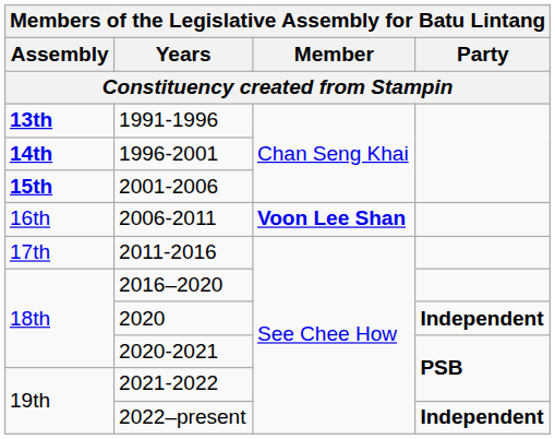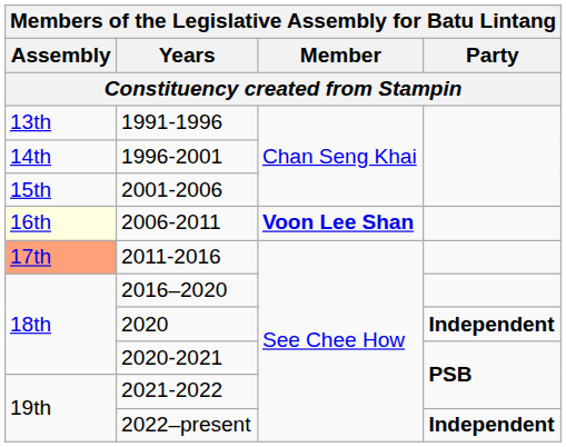 <table class=wikitable>
 <tr>
 <th colspan="4">Members of the Legislative Assembly for Batu Lintang</th>
 </tr>
 <tr>
 <th>Assembly</th>
 <th>Years</th>
 <th>Member</th>
 <th>Party</th>
 </tr>
 <tr>
 <th colspan=4 align=center><em>Constituency created from Stampin</em></th>
 </tr>
 <tr>
-<td><strong><a href='#'>13th</a></strong></td>
+<td><a href='#'>13th</a></td>
 <td>1991-1996</td>
 <td rowspan=3><a href='#'>Chan Seng Khai</a></td>
 <td rowspan=3></td>
 </tr>
 <tr>
-<td><strong><a href='#'>14th</a></strong></td>
+<td><a href='#'>14th</a></td>
 <td>1996-2001</td>
 </tr>
 <tr>
-<td><strong><a href='#'>15th</a></strong></td>
+<td><a href='#'>15th</a></td>
 <td>2001-2006</td>
 </tr>
 <tr>
-<td><a href='#'>16th</a></td>
+<td style="background: lightyellow;"><a href='#'>16th</a></td>
 <td>2006-2011</td>
 <td><strong><a href='#'>Voon Lee Shan</a></strong></td>
 <td></td>
 </tr>
 <tr>
-<td><a href='#'>17th</a></td>
+<td style="background: lightsalmon;"><a href='#'>17th</a></td>
 <td>2011-2016</td>
 <td rowspan="6"><a href='#'>See Chee How</a></td>
 <td></td>
 </tr>
 <tr>
 <td rowspan="3"><a href='#'>18th</a></td>
 <td>2016–2020</td>
 <td></td>
 </tr>
 <tr>
 <td>2020</td>
 <td><strong>Independent</strong></td>
 </tr>
 <tr>
 <td>2020-2021</td>
 <td rowspan="2"><strong>PSB</strong></td>
 </tr>
 <tr>
 <td rowspan="2">19th</td>
 <td>2021-2022</td>
 </tr>
 <tr>
 <td>2022–present</td>
 <td><strong>Independent</strong></td>
 </tr>
 </table>
